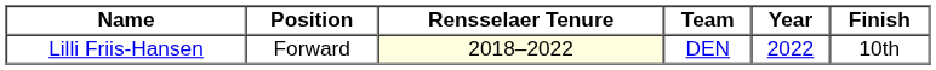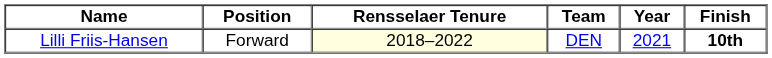 <table cellpadding="1" border="1" cellspacing="0" width="80%">
 <tr>
 <th>Name</th>
 <th>Position</th>
 <th>Rensselaer Tenure</th>
 <th>Team</th>
 <th>Year</th>
 <th>Finish</th>
 </tr>
 <tr align="center">
 <td><a href='#'>Lilli Friis-Hansen</a></td>
 <td>Forward</td>
 <td style="background: lightyellow;">2018–2022</td>
 <td> <a href='#'>DEN</a></td>
-<td><a href='#'>2022</a></td>
-<td>10th</td>
+<td><a href='#'>2021</a></td>
+<td><strong>10th</strong></td>
 </tr>
 </table>
